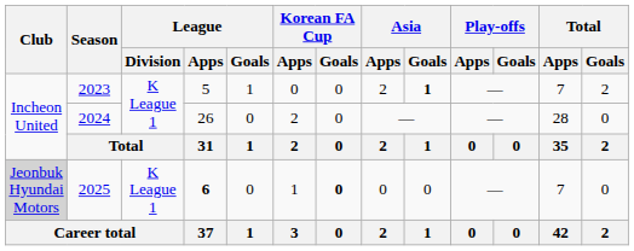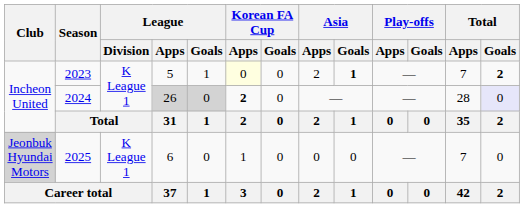 <table class="wikitable" style="text-align:center">
 <tr>
 <th rowspan="2">Club</th>
 <th rowspan="2">Season</th>
 <th colspan="3">League</th>
 <th colspan="2"><a href='#'>Korean FA Cup</a></th>
 <th colspan="2"><a href='#'>Asia</a></th>
 <th colspan="2"><a href='#'>Play-offs</a></th>
 <th colspan="2">Total</th>
 </tr>
 <tr>
 <th>Division</th>
 <th>Apps</th>
 <th>Goals</th>
 <th>Apps</th>
 <th>Goals</th>
 <th>Apps</th>
 <th>Goals</th>
 <th>Apps</th>
 <th>Goals</th>
 <th>Apps</th>
 <th>Goals</th>
 </tr>
 <tr>
 <td rowspan="3"><a href='#'>Incheon United</a></td>
 <td><a href='#'>2023</a></td>
 <td rowspan="2"><a href='#'>K League 1</a></td>
 <td>5</td>
 <td>1</td>
-<td>0</td>
+<td style="background: lightyellow;">0</td>
 <td>0</td>
 <td>2</td>
 <td><strong>1</strong></td>
 <td colspan="2">—</td>
 <td>7</td>
-<td>2</td>
+<td><strong>2</strong></td>
 </tr>
 <tr>
 <td><a href='#'>2024</a></td>
-<td>26</td>
-<td>0</td>
-<td>2</td>
+<td style="background: lightgrey;">26</td>
+<td style="background: lightgrey;">0</td>
+<td><strong>2</strong></td>
 <td>0</td>
 <td colspan="2">—</td>
 <td colspan="2">—</td>
 <td>28</td>
-<td>0</td>
+<td style="background: lavender;">0</td>
 </tr>
 <tr>
 <th colspan="2">Total</th>
 <th>31</th>
 <th>1</th>
 <th>2</th>
 <th>0</th>
 <th>2</th>
 <th>1</th>
 <th>0</th>
 <th>0</th>
 <th>35</th>
 <th>2</th>
 </tr>
 <tr>
 <td rowspan="1" style="background: lightgrey;"><a href='#'>Jeonbuk Hyundai Motors</a></td>
 <td><a href='#'>2025</a></td>
 <td rowspan="1"><a href='#'>K League 1</a></td>
-<td><strong>6</strong></td>
+<td>6</td>
 <td>0</td>
 <td>1</td>
-<td><strong>0</strong></td>
+<td>0</td>
 <td>0</td>
 <td>0</td>
 <td colspan="2">—</td>
 <td>7</td>
 <td>0</td>
 </tr>
 <tr>
 <th colspan="3">Career total</th>
 <th>37</th>
 <th>1</th>
 <th>3</th>
 <th>0</th>
 <th>2</th>
 <th>1</th>
 <th>0</th>
 <th>0</th>
 <th>42</th>
 <th>2</th>
 </tr>
 </table>
